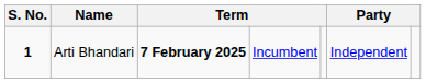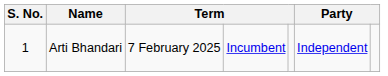 <table class="wikitable sortable">
 <tr>
 <th scope="col">S. No.</th>
 <th>Name</th>
 <th colspan=3>Term</th>
 <th colspan=2>Party</th>
 </tr>
 <tr style="text-align:center; height:60px;">
-<td><strong>1</strong></td>
+<td>1</td>
 <td>Arti Bhandari</td>
-<td><strong>7 February 2025</strong></td>
+<td>7 February 2025</td>
 <td><a href='#'>Incumbent</a></td>
 <td></td>
 <td><a href='#'>Independent</a></td>
 <td width="4px" style="background-color: "></td>
 </tr>
 </table>
